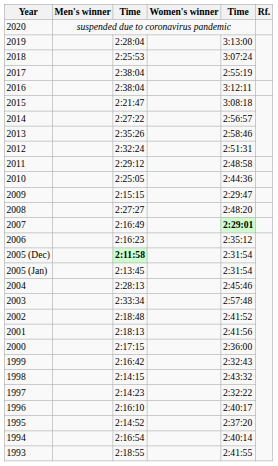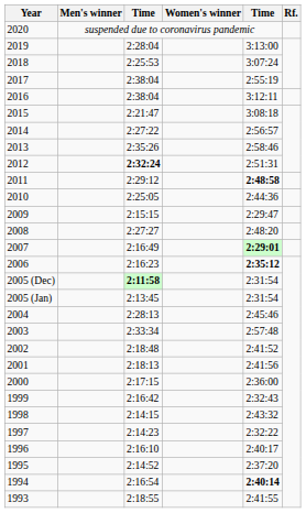 <table class="wikitable sortable">
 <tr>
 <th>Year</th>
 <th>Men's winner</th>
 <th>Time</th>
 <th>Women's winner</th>
 <th>Time</th>
 <th class="unsortable">Rf.</th>
 </tr>
 <tr>
 <td>2020</td>
 <td colspan="4" align="center" data-sort-value=""><em>suspended due to coronavirus pandemic</em></td>
 <td></td>
 </tr>
 <tr>
 <td>2019</td>
 <td align="left"></td>
 <td>2:28:04</td>
 <td align="left"></td>
 <td>3:13:00</td>
 </tr>
 <tr>
 <td>2018</td>
 <td align="left"></td>
 <td>2:25:53</td>
 <td align="left"></td>
 <td>3:07:24</td>
 </tr>
 <tr>
 <td>2017</td>
 <td align="left"></td>
 <td>2:38:04</td>
 <td align="left"></td>
 <td>2:55:19</td>
 </tr>
 <tr>
 <td>2016</td>
 <td align="left"></td>
 <td>2:38:04</td>
 <td align="left"></td>
 <td>3:12:11</td>
 <td></td>
 </tr>
 <tr>
 <td>2015</td>
 <td align="left"></td>
 <td>2:21:47</td>
 <td align="left"></td>
 <td>3:08:18</td>
 </tr>
 <tr>
 <td>2014</td>
 <td align="left"></td>
 <td>2:27:22</td>
 <td align="left"></td>
 <td>2:56:57</td>
 </tr>
 <tr>
 <td>2013</td>
 <td align="left"></td>
 <td>2:35:26</td>
 <td align="left"></td>
 <td>2:58:46</td>
 </tr>
 <tr>
 <td>2012</td>
 <td align="left"></td>
-<td>2:32:24</td>
+<td><strong>2:32:24</strong></td>
 <td align="left"></td>
 <td>2:51:31</td>
 </tr>
 <tr>
 <td>2011</td>
 <td align="left"></td>
 <td>2:29:12</td>
 <td align="left"></td>
-<td>2:48:58</td>
+<td><strong>2:48:58</strong></td>
 <td></td>
 </tr>
 <tr>
 <td>2010</td>
 <td align="left"></td>
 <td>2:25:05</td>
 <td align="left"></td>
 <td>2:44:36</td>
 <td></td>
 </tr>
 <tr>
 <td>2009</td>
 <td align="left"></td>
 <td>2:15:15</td>
 <td align="left"></td>
 <td>2:29:47</td>
 <td></td>
 </tr>
 <tr>
 <td>2008</td>
 <td align="left"></td>
 <td>2:27:27</td>
 <td align="left"></td>
 <td>2:48:20</td>
 <td></td>
 </tr>
 <tr>
 <td>2007</td>
 <td align="left"></td>
 <td>2:16:49</td>
 <td align="left"></td>
 <td bgcolor="#CCFFCC"><strong>2:29:01</strong></td>
 <td></td>
 </tr>
 <tr>
 <td>2006</td>
 <td align="left"></td>
 <td>2:16:23</td>
 <td align="left"></td>
-<td>2:35:12</td>
+<td><strong>2:35:12</strong></td>
 </tr>
 <tr>
 <td>2005 (Dec)</td>
 <td align="left"></td>
 <td bgcolor="#CCFFCC"><strong>2:11:58</strong></td>
 <td align="left"></td>
 <td>2:31:54</td>
 </tr>
 <tr>
 <td>2005 (Jan)</td>
 <td align="left"></td>
 <td>2:13:45</td>
 <td align="left"></td>
 <td>2:31:54</td>
 </tr>
 <tr>
 <td>2004</td>
 <td align="left"></td>
 <td>2:28:13</td>
 <td align="left"></td>
 <td>2:45:46</td>
 </tr>
 <tr>
 <td>2003</td>
 <td align="left"></td>
 <td>2:33:34</td>
 <td align="left"></td>
 <td>2:57:48</td>
 </tr>
 <tr>
 <td>2002</td>
 <td align="left"></td>
 <td>2:18:48</td>
 <td align="left"></td>
 <td>2:41:52</td>
 </tr>
 <tr>
 <td>2001</td>
 <td align="left"></td>
 <td>2:18:13</td>
 <td align="left"></td>
 <td>2:41:56</td>
 </tr>
 <tr>
 <td>2000</td>
 <td align="left"></td>
 <td>2:17:15</td>
 <td align="left"></td>
 <td>2:36:00</td>
 </tr>
 <tr>
 <td>1999</td>
 <td align="left"></td>
 <td>2:16:42</td>
 <td align="left"></td>
 <td>2:32:43</td>
 </tr>
 <tr>
 <td>1998</td>
 <td align="left"></td>
 <td>2:14:15</td>
 <td align="left"></td>
 <td>2:43:32</td>
 </tr>
 <tr>
 <td>1997</td>
 <td align="left"></td>
 <td>2:14:23</td>
 <td align="left"></td>
 <td>2:32:22</td>
 </tr>
 <tr>
 <td>1996</td>
 <td align="left"></td>
 <td>2:16:10</td>
 <td align="left"></td>
 <td>2:40:17</td>
 </tr>
 <tr>
 <td>1995</td>
 <td align="left"></td>
 <td>2:14:52</td>
 <td align="left"></td>
 <td>2:37:20</td>
 </tr>
 <tr>
 <td>1994</td>
 <td align="left"></td>
 <td>2:16:54</td>
 <td align="left"></td>
-<td>2:40:14</td>
+<td><strong>2:40:14</strong></td>
 </tr>
 <tr>
 <td>1993</td>
 <td align="left"></td>
 <td>2:18:55</td>
 <td align="left"></td>
 <td>2:41:55</td>
 </tr>
 </table>
